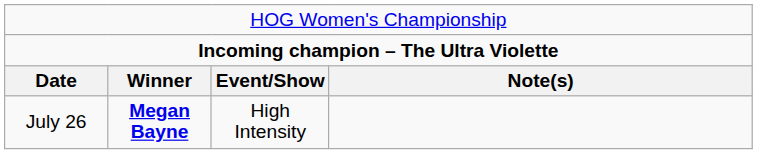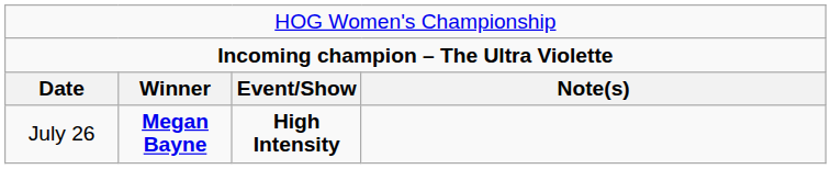 <table class="wikitable" style="text-align:center; width:100%;">
 <tr>
 <td colspan="4" style="text-align: center;"><a href='#'>HOG Women's Championship</a></td>
 </tr>
 <tr>
 <td colspan="4" style="text-align: center;"><strong>Incoming champion – The Ultra Violette</strong></td>
 </tr>
 <tr>
 <th width=14%>Date</th>
 <th width=14%>Winner</th>
 <th width=14%>Event/Show</th>
 <th width=58%>Note(s)</th>
 </tr>
 <tr>
 <td>July 26</td>
 <td><strong><a href='#'>Megan Bayne</a></strong></td>
-<td>High Intensity</td>
+<td><strong>High Intensity</strong></td>
 <td></td>
 </tr>
 </table>
